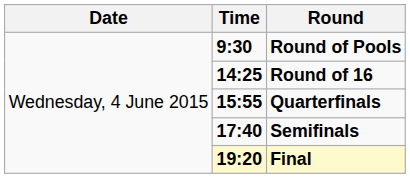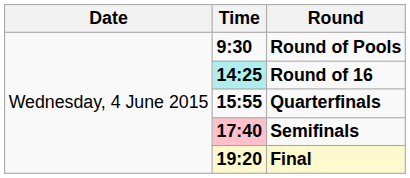 <table class="wikitable">
 <tr>
 <th>Date</th>
 <th>Time</th>
 <th>Round</th>
 </tr>
 <tr>
 <td rowspan="5">Wednesday, 4 June 2015</td>
 <td><strong>9:30</strong></td>
 <td><strong>Round of Pools</strong></td>
 </tr>
 <tr>
-<td><strong>14:25</strong></td>
+<td style="background: paleturquoise;"><strong>14:25</strong></td>
 <td><strong>Round of 16</strong></td>
 </tr>
 <tr>
 <td><strong>15:55</strong></td>
 <td><strong>Quarterfinals</strong></td>
 </tr>
 <tr>
-<td><strong>17:40</strong></td>
+<td style="background: pink;"><strong>17:40</strong></td>
 <td><strong>Semifinals</strong></td>
 </tr>
 <tr style="background:lemonchiffon;">
 <td><strong>19:20</strong></td>
 <td><strong>Final</strong></td>
 </tr>
 </table>
